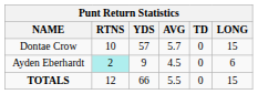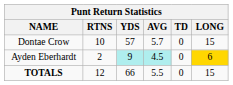 <table style="width:60%; text-align:center;" class="wikitable collapsible collapsed">
 <tr>
 <th colspan="8">Punt Return Statistics</th>
 </tr>
 <tr>
 <th>NAME</th>
 <th>RTNS</th>
 <th>YDS</th>
 <th>AVG</th>
 <th>TD</th>
 <th>LONG</th>
 </tr>
 <tr>
 <td>Dontae Crow</td>
 <td>10</td>
 <td>57</td>
 <td>5.7</td>
 <td>0</td>
 <td>15</td>
 </tr>
 <tr>
 <td>Ayden Eberhardt</td>
-<td style="background: paleturquoise;">2</td>
-<td>9</td>
-<td>4.5</td>
+<td>2</td>
+<td style="background: paleturquoise;">9</td>
+<td style="background: paleturquoise;">4.5</td>
 <td>0</td>
-<td>6</td>
+<td style="background: gold;">6</td>
 </tr>
 <tr>
 <td><strong>TOTALS</strong></td>
 <td>12</td>
 <td>66</td>
 <td>5.5</td>
 <td>0</td>
 <td>15</td>
 </tr>
 </table>
